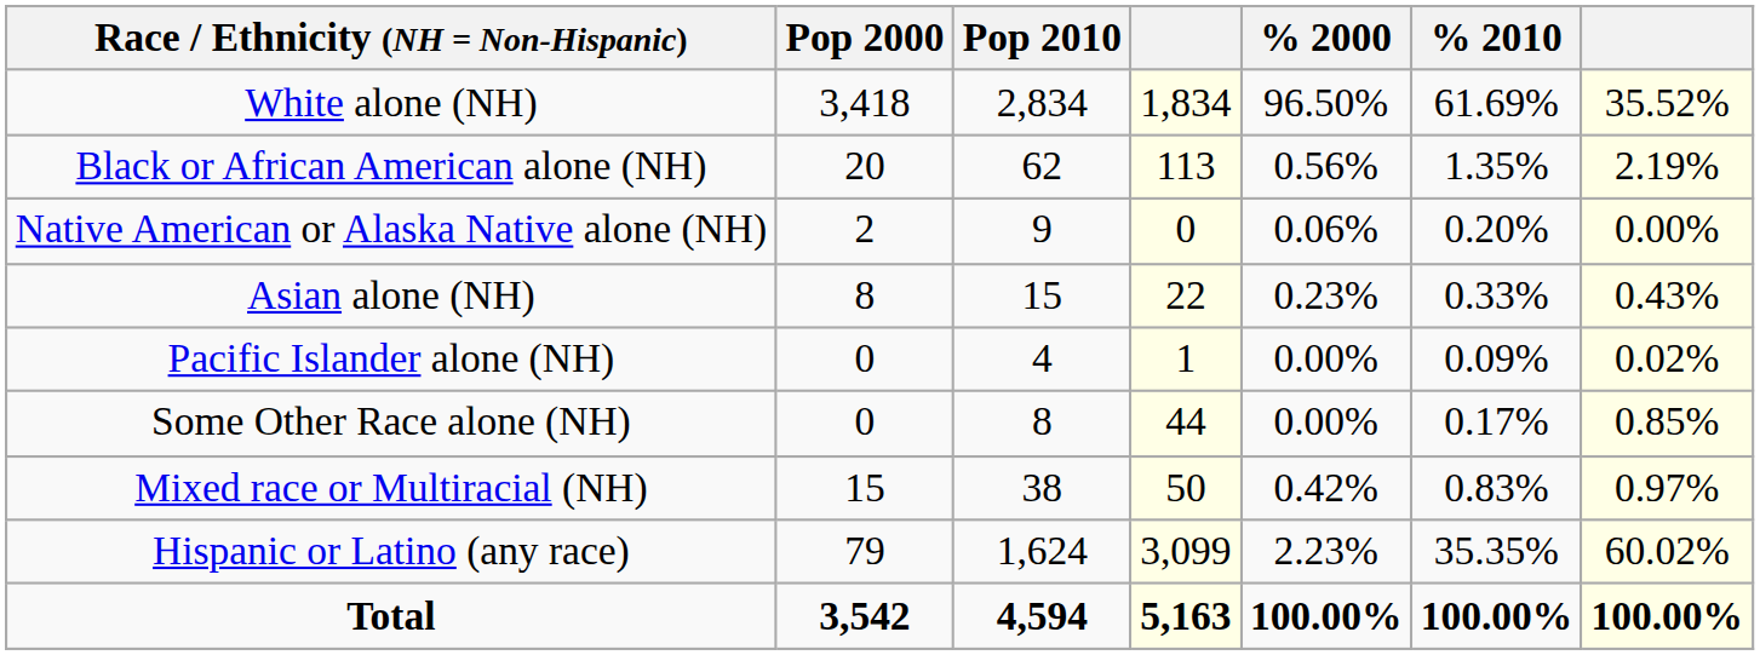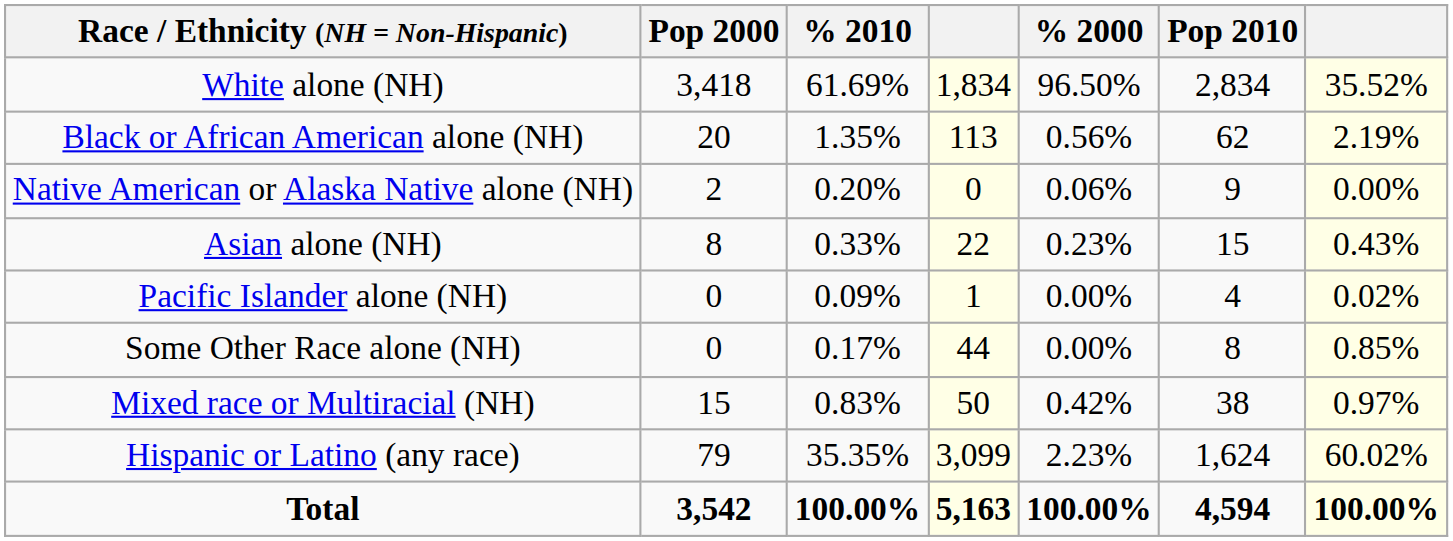 <table class="wikitable" style="text-align:center;">
 <tr>
 <th>Race / Ethnicity <small>(<em>NH = Non-Hispanic</em>)</small></th>
 <th>Pop 2000</th>
-<th>Pop 2010</th>
+<th>% 2010</th>
 <th></th>
 <th>% 2000</th>
-<th>% 2010</th>
+<th>Pop 2010</th>
 <th></th>
 </tr>
 <tr>
 <td><a href='#'>White</a> alone (NH)</td>
 <td>3,418</td>
-<td>2,834</td>
+<td>61.69%</td>
 <td style='background: #ffffe6;'>1,834</td>
 <td>96.50%</td>
-<td>61.69%</td>
+<td>2,834</td>
 <td style='background: #ffffe6;'>35.52%</td>
 </tr>
 <tr>
 <td><a href='#'>Black or African American</a> alone (NH)</td>
 <td>20</td>
-<td>62</td>
+<td>1.35%</td>
 <td style='background: #ffffe6;'>113</td>
 <td>0.56%</td>
-<td>1.35%</td>
+<td>62</td>
 <td style='background: #ffffe6;'>2.19%</td>
 </tr>
 <tr>
 <td><a href='#'>Native American</a> or <a href='#'>Alaska Native</a> alone (NH)</td>
 <td>2</td>
-<td>9</td>
+<td>0.20%</td>
 <td style='background: #ffffe6;'>0</td>
 <td>0.06%</td>
-<td>0.20%</td>
+<td>9</td>
 <td style='background: #ffffe6;'>0.00%</td>
 </tr>
 <tr>
 <td><a href='#'>Asian</a> alone (NH)</td>
 <td>8</td>
-<td>15</td>
+<td>0.33%</td>
 <td style='background: #ffffe6;'>22</td>
 <td>0.23%</td>
-<td>0.33%</td>
+<td>15</td>
 <td style='background: #ffffe6;'>0.43%</td>
 </tr>
 <tr>
 <td><a href='#'>Pacific Islander</a> alone (NH)</td>
 <td>0</td>
-<td>4</td>
+<td>0.09%</td>
 <td style='background: #ffffe6;'>1</td>
 <td>0.00%</td>
-<td>0.09%</td>
+<td>4</td>
 <td style='background: #ffffe6;'>0.02%</td>
 </tr>
 <tr>
 <td>Some Other Race alone (NH)</td>
 <td>0</td>
-<td>8</td>
+<td>0.17%</td>
 <td style='background: #ffffe6;'>44</td>
 <td>0.00%</td>
-<td>0.17%</td>
+<td>8</td>
 <td style='background: #ffffe6;'>0.85%</td>
 </tr>
 <tr>
 <td><a href='#'>Mixed race or Multiracial</a> (NH)</td>
 <td>15</td>
-<td>38</td>
+<td>0.83%</td>
 <td style='background: #ffffe6;'>50</td>
 <td>0.42%</td>
-<td>0.83%</td>
+<td>38</td>
 <td style='background: #ffffe6;'>0.97%</td>
 </tr>
 <tr>
 <td><a href='#'>Hispanic or Latino</a> (any race)</td>
 <td>79</td>
-<td>1,624</td>
+<td>35.35%</td>
 <td style='background: #ffffe6;'>3,099</td>
 <td>2.23%</td>
-<td>35.35%</td>
+<td>1,624</td>
 <td style='background: #ffffe6;'>60.02%</td>
 </tr>
 <tr>
 <td><strong>Total</strong></td>
 <td><strong>3,542</strong></td>
-<td><strong>4,594</strong></td>
+<td><strong>100.00%</strong></td>
 <td style='background: #ffffe6;'><strong>5,163</strong></td>
 <td><strong>100.00%</strong></td>
-<td><strong>100.00%</strong></td>
+<td><strong>4,594</strong></td>
 <td style='background: #ffffe6;'><strong>100.00%</strong></td>
 </tr>
 </table>
